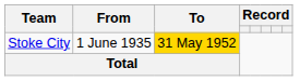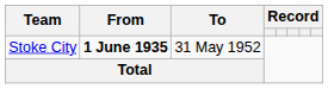 <table class="wikitable" style="text-align:center">
 <tr>
 <th rowspan="2">Team</th>
 <th rowspan="2">From</th>
 <th rowspan="2">To</th>
 <th colspan="5">Record</th>
 </tr>
 <tr>
 <th></th>
 <th></th>
 <th></th>
 <th></th>
 <th></th>
 </tr>
 <tr>
 <td align=left><a href='#'>Stoke City</a></td>
-<td align=left>1 June 1935</td>
-<td align=left style="background: gold;">31 May 1952<br></td>
+<td align=left><strong>1 June 1935</strong></td>
+<td align=left>31 May 1952<br></td>
 </tr>
 <tr>
 <th colspan="3">Total<br></th>
 </tr>
 </table>
